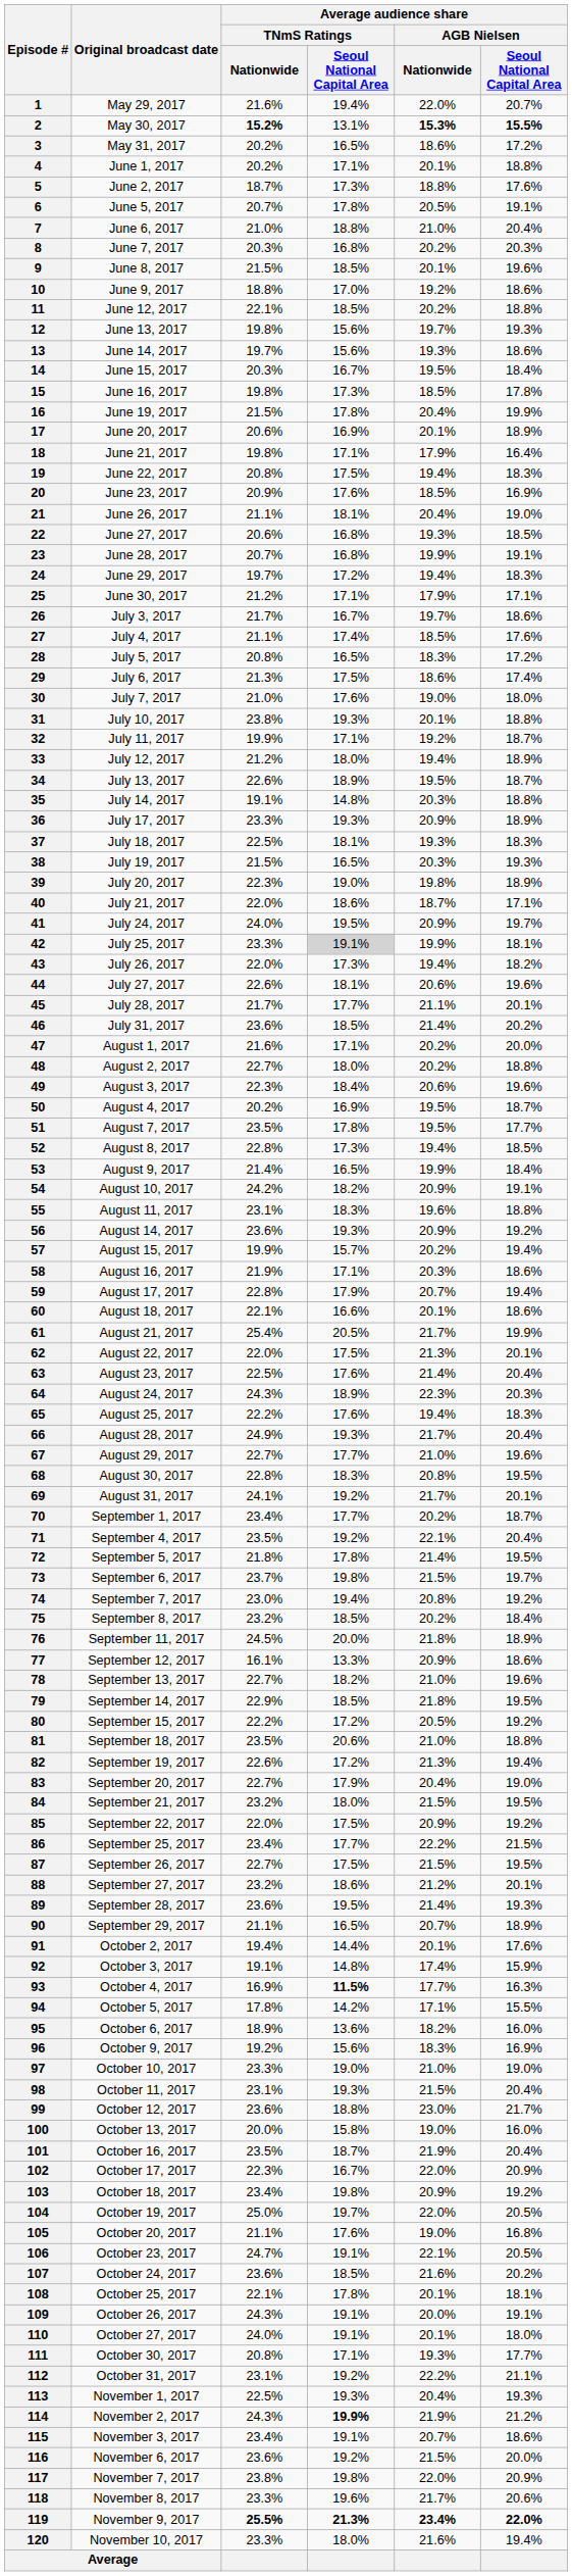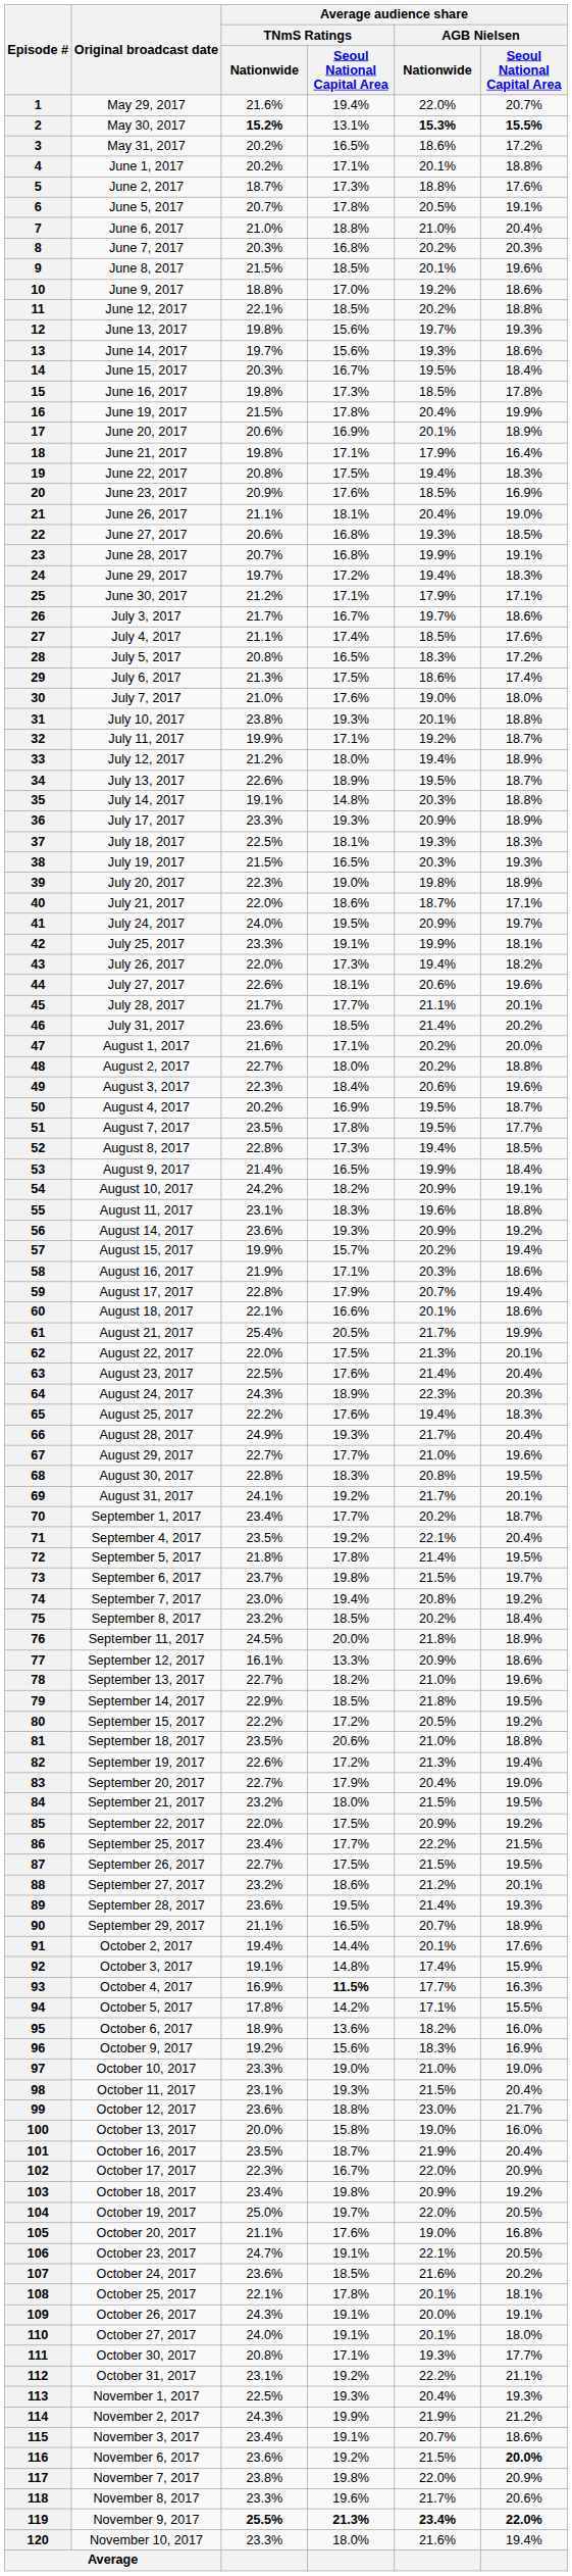 <table class="wikitable" style="text-align:center">
 <tr>
 <th rowspan="3">Episode #</th>
 <th rowspan="3">Original broadcast date</th>
 <th colspan="4">Average audience share</th>
 </tr>
 <tr>
 <th colspan="2">TNmS Ratings</th>
 <th colspan="2">AGB Nielsen</th>
 </tr>
 <tr>
 <th width=100>Nationwide</th>
 <th width=100><a href='#'>Seoul National Capital Area</a></th>
 <th width=100>Nationwide</th>
 <th width=100><a href='#'>Seoul National Capital Area</a></th>
 </tr>
 <tr>
 <th>1</th>
 <td>May 29, 2017</td>
 <td>21.6% </td>
 <td>19.4% </td>
 <td>22.0% </td>
 <td>20.7% </td>
 </tr>
 <tr>
 <th>2</th>
 <td>May 30, 2017</td>
 <td><strong><span>15.2%</span></strong> </td>
 <td>13.1% </td>
 <td><strong><span>15.3%</span></strong> </td>
 <td><strong><span>15.5%</span></strong> </td>
 </tr>
 <tr>
 <th>3</th>
 <td>May 31, 2017</td>
 <td>20.2% </td>
 <td>16.5% </td>
 <td>18.6% </td>
 <td>17.2% </td>
 </tr>
 <tr>
 <th>4</th>
 <td>June 1, 2017</td>
 <td>20.2% </td>
 <td>17.1% </td>
 <td>20.1% </td>
 <td>18.8% </td>
 </tr>
 <tr>
 <th>5</th>
 <td>June 2, 2017</td>
 <td>18.7% </td>
 <td>17.3% </td>
 <td>18.8% </td>
 <td>17.6% </td>
 </tr>
 <tr>
 <th>6</th>
 <td>June 5, 2017</td>
 <td>20.7% </td>
 <td>17.8% </td>
 <td>20.5% </td>
 <td>19.1% </td>
 </tr>
 <tr>
 <th>7</th>
 <td>June 6, 2017</td>
 <td>21.0% </td>
 <td>18.8% </td>
 <td>21.0% </td>
 <td>20.4% </td>
 </tr>
 <tr>
 <th>8</th>
 <td>June 7, 2017</td>
 <td>20.3% </td>
 <td>16.8% </td>
 <td>20.2% </td>
 <td>20.3% </td>
 </tr>
 <tr>
 <th>9</th>
 <td>June 8, 2017</td>
 <td>21.5% </td>
 <td>18.5% </td>
 <td>20.1% </td>
 <td>19.6% </td>
 </tr>
 <tr>
 <th>10</th>
 <td>June 9, 2017</td>
 <td>18.8% </td>
 <td>17.0% </td>
 <td>19.2% </td>
 <td>18.6% </td>
 </tr>
 <tr>
 <th>11</th>
 <td>June 12, 2017</td>
 <td>22.1% </td>
 <td>18.5% </td>
 <td>20.2% </td>
 <td>18.8% </td>
 </tr>
 <tr>
 <th>12</th>
 <td>June 13, 2017</td>
 <td>19.8% </td>
 <td>15.6% </td>
 <td>19.7% </td>
 <td>19.3% </td>
 </tr>
 <tr>
 <th>13</th>
 <td>June 14, 2017</td>
 <td>19.7% </td>
 <td>15.6% </td>
 <td>19.3% </td>
 <td>18.6% </td>
 </tr>
 <tr>
 <th>14</th>
 <td>June 15, 2017</td>
 <td>20.3% </td>
 <td>16.7% </td>
 <td>19.5% </td>
 <td>18.4% </td>
 </tr>
 <tr>
 <th>15</th>
 <td>June 16, 2017</td>
 <td>19.8% </td>
 <td>17.3% </td>
 <td>18.5% </td>
 <td>17.8% </td>
 </tr>
 <tr>
 <th>16</th>
 <td>June 19, 2017</td>
 <td>21.5% </td>
 <td>17.8% </td>
 <td>20.4% </td>
 <td>19.9% </td>
 </tr>
 <tr>
 <th>17</th>
 <td>June 20, 2017</td>
 <td>20.6% </td>
 <td>16.9% </td>
 <td>20.1% </td>
 <td>18.9% </td>
 </tr>
 <tr>
 <th>18</th>
 <td>June 21, 2017</td>
 <td>19.8% </td>
 <td>17.1% </td>
 <td>17.9% </td>
 <td>16.4% </td>
 </tr>
 <tr>
 <th>19</th>
 <td>June 22, 2017</td>
 <td>20.8% </td>
 <td>17.5% </td>
 <td>19.4% </td>
 <td>18.3% </td>
 </tr>
 <tr>
 <th>20</th>
 <td>June 23, 2017</td>
 <td>20.9% </td>
 <td>17.6% </td>
 <td>18.5% </td>
 <td>16.9% </td>
 </tr>
 <tr>
 <th>21</th>
 <td>June 26, 2017</td>
 <td>21.1% </td>
 <td>18.1% </td>
 <td>20.4% </td>
 <td>19.0% </td>
 </tr>
 <tr>
 <th>22</th>
 <td>June 27, 2017</td>
 <td>20.6% </td>
 <td>16.8% </td>
 <td>19.3% </td>
 <td>18.5% </td>
 </tr>
 <tr>
 <th>23</th>
 <td>June 28, 2017</td>
 <td>20.7% </td>
 <td>16.8% </td>
 <td>19.9% </td>
 <td>19.1% </td>
 </tr>
 <tr>
 <th>24</th>
 <td>June 29, 2017</td>
 <td>19.7% </td>
 <td>17.2% </td>
 <td>19.4% </td>
 <td>18.3% </td>
 </tr>
 <tr>
 <th>25</th>
 <td>June 30, 2017</td>
 <td>21.2% </td>
 <td>17.1% </td>
 <td>17.9% </td>
 <td>17.1% </td>
 </tr>
 <tr>
 <th>26</th>
 <td>July 3, 2017</td>
 <td>21.7% </td>
 <td>16.7% </td>
 <td>19.7% </td>
 <td>18.6% </td>
 </tr>
 <tr>
 <th>27</th>
 <td>July 4, 2017</td>
 <td>21.1% </td>
 <td>17.4% </td>
 <td>18.5% </td>
 <td>17.6% </td>
 </tr>
 <tr>
 <th>28</th>
 <td>July 5, 2017</td>
 <td>20.8% </td>
 <td>16.5% </td>
 <td>18.3% </td>
 <td>17.2% </td>
 </tr>
 <tr>
 <th>29</th>
 <td>July 6, 2017</td>
 <td>21.3% </td>
 <td>17.5% </td>
 <td>18.6% </td>
 <td>17.4% </td>
 </tr>
 <tr>
 <th>30</th>
 <td>July 7, 2017</td>
 <td>21.0% </td>
 <td>17.6% </td>
 <td>19.0% </td>
 <td>18.0% </td>
 </tr>
 <tr>
 <th>31</th>
 <td>July 10, 2017</td>
 <td>23.8% </td>
 <td>19.3% </td>
 <td>20.1% </td>
 <td>18.8% </td>
 </tr>
 <tr>
 <th>32</th>
 <td>July 11, 2017</td>
 <td>19.9% </td>
 <td>17.1% </td>
 <td>19.2% </td>
 <td>18.7% </td>
 </tr>
 <tr>
 <th>33</th>
 <td>July 12, 2017</td>
 <td>21.2% </td>
 <td>18.0% </td>
 <td>19.4% </td>
 <td>18.9% </td>
 </tr>
 <tr>
 <th>34</th>
 <td>July 13, 2017</td>
 <td>22.6% </td>
 <td>18.9% </td>
 <td>19.5% </td>
 <td>18.7% </td>
 </tr>
 <tr>
 <th>35</th>
 <td>July 14, 2017</td>
 <td>19.1% </td>
 <td>14.8% </td>
 <td>20.3% </td>
 <td>18.8% </td>
 </tr>
 <tr>
 <th>36</th>
 <td>July 17, 2017</td>
 <td>23.3% </td>
 <td>19.3% </td>
 <td>20.9% </td>
 <td>18.9% </td>
 </tr>
 <tr>
 <th>37</th>
 <td>July 18, 2017</td>
 <td>22.5% </td>
 <td>18.1% </td>
 <td>19.3% </td>
 <td>18.3% </td>
 </tr>
 <tr>
 <th>38</th>
 <td>July 19, 2017</td>
 <td>21.5% </td>
 <td>16.5% </td>
 <td>20.3% </td>
 <td>19.3% </td>
 </tr>
 <tr>
 <th>39</th>
 <td>July 20, 2017</td>
 <td>22.3% </td>
 <td>19.0% </td>
 <td>19.8% </td>
 <td>18.9% </td>
 </tr>
 <tr>
 <th>40</th>
 <td>July 21, 2017</td>
 <td>22.0% </td>
 <td>18.6% </td>
 <td>18.7% </td>
 <td>17.1% </td>
 </tr>
 <tr>
 <th>41</th>
 <td>July 24, 2017</td>
 <td>24.0% </td>
 <td>19.5% </td>
 <td>20.9% </td>
 <td>19.7% </td>
 </tr>
 <tr>
 <th>42</th>
 <td>July 25, 2017</td>
 <td>23.3% </td>
-<td style="background: lightgrey;">19.1% </td>
+<td>19.1% </td>
 <td>19.9% </td>
 <td>18.1% </td>
 </tr>
 <tr>
 <th>43</th>
 <td>July 26, 2017</td>
 <td>22.0% </td>
 <td>17.3% </td>
 <td>19.4% </td>
 <td>18.2% </td>
 </tr>
 <tr>
 <th>44</th>
 <td>July 27, 2017</td>
 <td>22.6% </td>
 <td>18.1% </td>
 <td>20.6% </td>
 <td>19.6% </td>
 </tr>
 <tr>
 <th>45</th>
 <td>July 28, 2017</td>
 <td>21.7% </td>
 <td>17.7% </td>
 <td>21.1% </td>
 <td>20.1% </td>
 </tr>
 <tr>
 <th>46</th>
 <td>July 31, 2017</td>
 <td>23.6% </td>
 <td>18.5% </td>
 <td>21.4% </td>
 <td>20.2% </td>
 </tr>
 <tr>
 <th>47</th>
 <td>August 1, 2017</td>
 <td>21.6% </td>
 <td>17.1% </td>
 <td>20.2% </td>
 <td>20.0% </td>
 </tr>
 <tr>
 <th>48</th>
 <td>August 2, 2017</td>
 <td>22.7% </td>
 <td>18.0% </td>
 <td>20.2% </td>
 <td>18.8% </td>
 </tr>
 <tr>
 <th>49</th>
 <td>August 3, 2017</td>
 <td>22.3% </td>
 <td>18.4% </td>
 <td>20.6% </td>
 <td>19.6% </td>
 </tr>
 <tr>
 <th>50</th>
 <td>August 4, 2017</td>
 <td>20.2% </td>
 <td>16.9% </td>
 <td>19.5% </td>
 <td>18.7% </td>
 </tr>
 <tr>
 <th>51</th>
 <td>August 7, 2017</td>
 <td>23.5% </td>
 <td>17.8% </td>
 <td>19.5% </td>
 <td>17.7% </td>
 </tr>
 <tr>
 <th>52</th>
 <td>August 8, 2017</td>
 <td>22.8% </td>
 <td>17.3% </td>
 <td>19.4% </td>
 <td>18.5% </td>
 </tr>
 <tr>
 <th>53</th>
 <td>August 9, 2017</td>
 <td>21.4% </td>
 <td>16.5% </td>
 <td>19.9% </td>
 <td>18.4% </td>
 </tr>
 <tr>
 <th>54</th>
 <td>August 10, 2017</td>
 <td>24.2% </td>
 <td>18.2% </td>
 <td>20.9% </td>
 <td>19.1% </td>
 </tr>
 <tr>
 <th>55</th>
 <td>August 11, 2017</td>
 <td>23.1% </td>
 <td>18.3% </td>
 <td>19.6% </td>
 <td>18.8% </td>
 </tr>
 <tr>
 <th>56</th>
 <td>August 14, 2017</td>
 <td>23.6% </td>
 <td>19.3% </td>
 <td>20.9% </td>
 <td>19.2% </td>
 </tr>
 <tr>
 <th>57</th>
 <td>August 15, 2017</td>
 <td>19.9% </td>
 <td>15.7% </td>
 <td>20.2% </td>
 <td>19.4% </td>
 </tr>
 <tr>
 <th>58</th>
 <td>August 16, 2017</td>
 <td>21.9% </td>
 <td>17.1% </td>
 <td>20.3% </td>
 <td>18.6% </td>
 </tr>
 <tr>
 <th>59</th>
 <td>August 17, 2017</td>
 <td>22.8% </td>
 <td>17.9% </td>
 <td>20.7% </td>
 <td>19.4% </td>
 </tr>
 <tr>
 <th>60</th>
 <td>August 18, 2017</td>
 <td>22.1% </td>
 <td>16.6% </td>
 <td>20.1% </td>
 <td>18.6% </td>
 </tr>
 <tr>
 <th>61</th>
 <td>August 21, 2017</td>
 <td>25.4% </td>
 <td>20.5% </td>
 <td>21.7% </td>
 <td>19.9% </td>
 </tr>
 <tr>
 <th>62</th>
 <td>August 22, 2017</td>
 <td>22.0% </td>
 <td>17.5% </td>
 <td>21.3% </td>
 <td>20.1% </td>
 </tr>
 <tr>
 <th>63</th>
 <td>August 23, 2017</td>
 <td>22.5% </td>
 <td>17.6% </td>
 <td>21.4% </td>
 <td>20.4% </td>
 </tr>
 <tr>
 <th>64</th>
 <td>August 24, 2017</td>
 <td>24.3% </td>
 <td>18.9% </td>
 <td>22.3% </td>
 <td>20.3% </td>
 </tr>
 <tr>
 <th>65</th>
 <td>August 25, 2017</td>
 <td>22.2% </td>
 <td>17.6% </td>
 <td>19.4% </td>
 <td>18.3% </td>
 </tr>
 <tr>
 <th>66</th>
 <td>August 28, 2017</td>
 <td>24.9% </td>
 <td>19.3% </td>
 <td>21.7% </td>
 <td>20.4% </td>
 </tr>
 <tr>
 <th>67</th>
 <td>August 29, 2017</td>
 <td>22.7% </td>
 <td>17.7% </td>
 <td>21.0% </td>
 <td>19.6% </td>
 </tr>
 <tr>
 <th>68</th>
 <td>August 30, 2017</td>
 <td>22.8% </td>
 <td>18.3% </td>
 <td>20.8% </td>
 <td>19.5% </td>
 </tr>
 <tr>
 <th>69</th>
 <td>August 31, 2017</td>
 <td>24.1% </td>
 <td>19.2% </td>
 <td>21.7% </td>
 <td>20.1% </td>
 </tr>
 <tr>
 <th>70</th>
 <td>September 1, 2017</td>
 <td>23.4% </td>
 <td>17.7% </td>
 <td>20.2% </td>
 <td>18.7% </td>
 </tr>
 <tr>
 <th>71</th>
 <td>September 4, 2017</td>
 <td>23.5% </td>
 <td>19.2% </td>
 <td>22.1% </td>
 <td>20.4% </td>
 </tr>
 <tr>
 <th>72</th>
 <td>September 5, 2017</td>
 <td>21.8% </td>
 <td>17.8% </td>
 <td>21.4% </td>
 <td>19.5% </td>
 </tr>
 <tr>
 <th>73</th>
 <td>September 6, 2017</td>
 <td>23.7% </td>
 <td>19.8% </td>
 <td>21.5% </td>
 <td>19.7% </td>
 </tr>
 <tr>
 <th>74</th>
 <td>September 7, 2017</td>
 <td>23.0% </td>
 <td>19.4% </td>
 <td>20.8% </td>
 <td>19.2% </td>
 </tr>
 <tr>
 <th>75</th>
 <td>September 8, 2017</td>
 <td>23.2% </td>
 <td>18.5% </td>
 <td>20.2% </td>
 <td>18.4% </td>
 </tr>
 <tr>
 <th>76</th>
 <td>September 11, 2017</td>
 <td>24.5% </td>
 <td>20.0% </td>
 <td>21.8% </td>
 <td>18.9% </td>
 </tr>
 <tr>
 <th>77</th>
 <td>September 12, 2017</td>
 <td>16.1% </td>
 <td>13.3% </td>
 <td>20.9% </td>
 <td>18.6% </td>
 </tr>
 <tr>
 <th>78</th>
 <td>September 13, 2017</td>
 <td>22.7% </td>
 <td>18.2% </td>
 <td>21.0% </td>
 <td>19.6% </td>
 </tr>
 <tr>
 <th>79</th>
 <td>September 14, 2017</td>
 <td>22.9% </td>
 <td>18.5% </td>
 <td>21.8% </td>
 <td>19.5% </td>
 </tr>
 <tr>
 <th>80</th>
 <td>September 15, 2017</td>
 <td>22.2% </td>
 <td>17.2% </td>
 <td>20.5% </td>
 <td>19.2% </td>
 </tr>
 <tr>
 <th>81</th>
 <td>September 18, 2017</td>
 <td>23.5% </td>
 <td>20.6% </td>
 <td>21.0% </td>
 <td>18.8% </td>
 </tr>
 <tr>
 <th>82</th>
 <td>September 19, 2017</td>
 <td>22.6% </td>
 <td>17.2% </td>
 <td>21.3% </td>
 <td>19.4% </td>
 </tr>
 <tr>
 <th>83</th>
 <td>September 20, 2017</td>
 <td>22.7% </td>
 <td>17.9% </td>
 <td>20.4% </td>
 <td>19.0% </td>
 </tr>
 <tr>
 <th>84</th>
 <td>September 21, 2017</td>
 <td>23.2% </td>
 <td>18.0% </td>
 <td>21.5% </td>
 <td>19.5% </td>
 </tr>
 <tr>
 <th>85</th>
 <td>September 22, 2017</td>
 <td>22.0% </td>
 <td>17.5% </td>
 <td>20.9% </td>
 <td>19.2% </td>
 </tr>
 <tr>
 <th>86</th>
 <td>September 25, 2017</td>
 <td>23.4% </td>
 <td>17.7% </td>
 <td>22.2% </td>
 <td>21.5% </td>
 </tr>
 <tr>
 <th>87</th>
 <td>September 26, 2017</td>
 <td>22.7% </td>
 <td>17.5% </td>
 <td>21.5% </td>
 <td>19.5% </td>
 </tr>
 <tr>
 <th>88</th>
 <td>September 27, 2017</td>
 <td>23.2% </td>
 <td>18.6% </td>
 <td>21.2% </td>
 <td>20.1% </td>
 </tr>
 <tr>
 <th>89</th>
 <td>September 28, 2017</td>
 <td>23.6% </td>
 <td>19.5% </td>
 <td>21.4% </td>
 <td>19.3% </td>
 </tr>
 <tr>
 <th>90</th>
 <td>September 29, 2017</td>
 <td>21.1% </td>
 <td>16.5% </td>
 <td>20.7% </td>
 <td>18.9% </td>
 </tr>
 <tr>
 <th>91</th>
 <td>October 2, 2017</td>
 <td>19.4% </td>
 <td>14.4% </td>
 <td>20.1% </td>
 <td>17.6% </td>
 </tr>
 <tr>
 <th>92</th>
 <td>October 3, 2017</td>
 <td>19.1% </td>
 <td>14.8% </td>
 <td>17.4% </td>
 <td>15.9% </td>
 </tr>
 <tr>
 <th>93</th>
 <td>October 4, 2017</td>
 <td>16.9% </td>
 <td><strong><span>11.5%</span></strong> </td>
 <td>17.7% </td>
 <td>16.3% </td>
 </tr>
 <tr>
 <th>94</th>
 <td>October 5, 2017</td>
 <td>17.8% </td>
 <td>14.2% </td>
 <td>17.1% </td>
 <td>15.5% </td>
 </tr>
 <tr>
 <th>95</th>
 <td>October 6, 2017</td>
 <td>18.9% </td>
 <td>13.6% </td>
 <td>18.2% </td>
 <td>16.0% </td>
 </tr>
 <tr>
 <th>96</th>
 <td>October 9, 2017</td>
 <td>19.2% </td>
 <td>15.6% </td>
 <td>18.3% </td>
 <td>16.9% </td>
 </tr>
 <tr>
 <th>97</th>
 <td>October 10, 2017</td>
 <td>23.3% </td>
 <td>19.0% </td>
 <td>21.0% </td>
 <td>19.0% </td>
 </tr>
 <tr>
 <th>98</th>
 <td>October 11, 2017</td>
 <td>23.1% </td>
 <td>19.3% </td>
 <td>21.5% </td>
 <td>20.4% </td>
 </tr>
 <tr>
 <th>99</th>
 <td>October 12, 2017</td>
 <td>23.6% </td>
 <td>18.8% </td>
 <td>23.0% </td>
 <td>21.7% </td>
 </tr>
 <tr>
 <th>100</th>
 <td>October 13, 2017</td>
 <td>20.0% </td>
 <td>15.8% </td>
 <td>19.0% </td>
 <td>16.0% </td>
 </tr>
 <tr>
 <th>101</th>
 <td>October 16, 2017</td>
 <td>23.5% </td>
 <td>18.7% </td>
 <td>21.9% </td>
 <td>20.4% </td>
 </tr>
 <tr>
 <th>102</th>
 <td>October 17, 2017</td>
 <td>22.3% </td>
 <td>16.7% </td>
 <td>22.0% </td>
 <td>20.9% </td>
 </tr>
 <tr>
 <th>103</th>
 <td>October 18, 2017</td>
 <td>23.4% </td>
 <td>19.8% </td>
 <td>20.9% </td>
 <td>19.2% </td>
 </tr>
 <tr>
 <th>104</th>
 <td>October 19, 2017</td>
 <td>25.0% </td>
 <td>19.7% </td>
 <td>22.0% </td>
 <td>20.5% </td>
 </tr>
 <tr>
 <th>105</th>
 <td>October 20, 2017</td>
 <td>21.1% </td>
 <td>17.6% </td>
 <td>19.0% </td>
 <td>16.8% </td>
 </tr>
 <tr>
 <th>106</th>
 <td>October 23, 2017</td>
 <td>24.7% </td>
 <td>19.1% </td>
 <td>22.1% </td>
 <td>20.5% </td>
 </tr>
 <tr>
 <th>107</th>
 <td>October 24, 2017</td>
 <td>23.6% </td>
 <td>18.5% </td>
 <td>21.6% </td>
 <td>20.2% </td>
 </tr>
 <tr>
 <th>108</th>
 <td>October 25, 2017</td>
 <td>22.1% </td>
 <td>17.8% </td>
 <td>20.1% </td>
 <td>18.1% </td>
 </tr>
 <tr>
 <th>109</th>
 <td>October 26, 2017</td>
 <td>24.3% </td>
 <td>19.1% </td>
 <td>20.0% </td>
 <td>19.1% </td>
 </tr>
 <tr>
 <th>110</th>
 <td>October 27, 2017</td>
 <td>24.0% </td>
 <td>19.1% </td>
 <td>20.1% </td>
 <td>18.0% </td>
 </tr>
 <tr>
 <th>111</th>
 <td>October 30, 2017</td>
 <td>20.8% </td>
 <td>17.1% </td>
 <td>19.3% </td>
 <td>17.7% </td>
 </tr>
 <tr>
 <th>112</th>
 <td>October 31, 2017</td>
 <td>23.1% </td>
 <td>19.2% </td>
 <td>22.2% </td>
 <td>21.1% </td>
 </tr>
 <tr>
 <th>113</th>
 <td>November 1, 2017</td>
 <td>22.5% </td>
 <td>19.3% </td>
 <td>20.4% </td>
 <td>19.3% </td>
 </tr>
 <tr>
 <th>114</th>
 <td>November 2, 2017</td>
 <td>24.3% </td>
-<td><strong>19.9% </strong></td>
+<td>19.9% </td>
 <td>21.9% </td>
 <td>21.2% </td>
 </tr>
 <tr>
 <th>115</th>
 <td>November 3, 2017</td>
 <td>23.4% </td>
 <td>19.1% </td>
 <td>20.7% </td>
 <td>18.6% </td>
 </tr>
 <tr>
 <th>116</th>
 <td>November 6, 2017</td>
 <td>23.6% </td>
 <td>19.2% </td>
 <td>21.5% </td>
-<td>20.0% </td>
+<td><strong>20.0% </strong></td>
 </tr>
 <tr>
 <th>117</th>
 <td>November 7, 2017</td>
 <td>23.8% </td>
 <td>19.8% </td>
 <td>22.0% </td>
 <td>20.9% </td>
 </tr>
 <tr>
 <th>118</th>
 <td>November 8, 2017</td>
 <td>23.3% </td>
 <td>19.6% </td>
 <td>21.7% </td>
 <td>20.6% </td>
 </tr>
 <tr>
 <th>119</th>
 <td>November 9, 2017</td>
 <td><strong><span> 25.5%</span></strong> </td>
 <td><strong><span> 21.3%</span></strong> </td>
 <td><strong><span> 23.4%</span></strong> </td>
 <td><strong><span> 22.0%</span></strong> </td>
 </tr>
 <tr>
 <th>120</th>
 <td>November 10, 2017</td>
 <td>23.3% </td>
 <td>18.0% </td>
 <td>21.6% </td>
 <td>19.4% </td>
 </tr>
 <tr>
 <th colspan="2">Average</th>
 <th></th>
 <th></th>
 <th></th>
 <th></th>
 </tr>
 </table>
